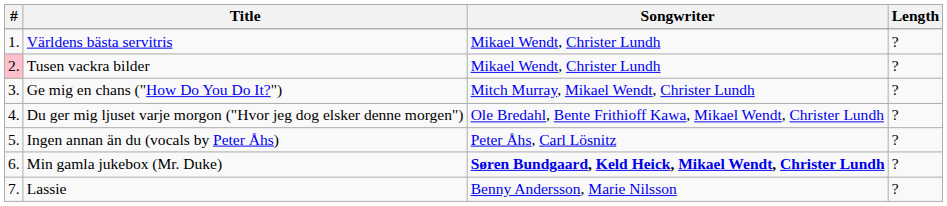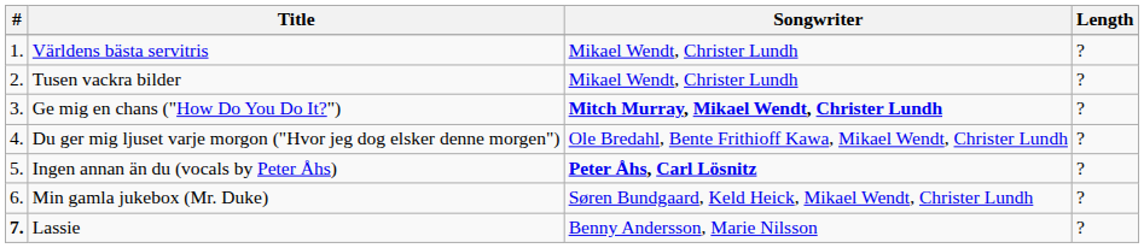 <table class="wikitable">
 <tr>
 <th>#</th>
 <th>Title</th>
 <th>Songwriter</th>
 <th>Length</th>
 </tr>
 <tr bgcolor="#ebf5ff">
 </tr>
 <tr>
 <td>1.</td>
 <td><a href='#'>Världens bästa servitris</a></td>
 <td><a href='#'>Mikael Wendt</a>, <a href='#'>Christer Lundh</a></td>
 <td>?</td>
 </tr>
 <tr>
-<td style="background: pink;">2.</td>
+<td>2.</td>
 <td>Tusen vackra bilder</td>
 <td><a href='#'>Mikael Wendt</a>, <a href='#'>Christer Lundh</a></td>
 <td>?</td>
 </tr>
 <tr>
 <td>3.</td>
 <td>Ge mig en chans ("<a href='#'>How Do You Do It?</a>")</td>
-<td><a href='#'>Mitch Murray</a>, <a href='#'>Mikael Wendt</a>, <a href='#'>Christer Lundh</a></td>
+<td><strong><a href='#'>Mitch Murray</a>, <a href='#'>Mikael Wendt</a>, <a href='#'>Christer Lundh</a></strong></td>
 <td>?</td>
 </tr>
 <tr>
 <td>4.</td>
 <td>Du ger mig ljuset varje morgon ("Hvor jeg dog elsker denne morgen")</td>
 <td><a href='#'>Ole Bredahl</a>, <a href='#'>Bente Frithioff Kawa</a>, <a href='#'>Mikael Wendt</a>, <a href='#'>Christer Lundh</a></td>
 <td>?</td>
 </tr>
 <tr>
 <td>5.</td>
 <td>Ingen annan än du (vocals by <a href='#'>Peter Åhs</a>)</td>
-<td><a href='#'>Peter Åhs</a>, <a href='#'>Carl Lösnitz</a></td>
+<td><strong><a href='#'>Peter Åhs</a>, <a href='#'>Carl Lösnitz</a></strong></td>
 <td>?</td>
 </tr>
 <tr>
 <td>6.</td>
 <td>Min gamla jukebox (Mr. Duke)</td>
-<td><strong><a href='#'>Søren Bundgaard</a>, <a href='#'>Keld Heick</a>, <a href='#'>Mikael Wendt</a>, <a href='#'>Christer Lundh</a></strong></td>
+<td><a href='#'>Søren Bundgaard</a>, <a href='#'>Keld Heick</a>, <a href='#'>Mikael Wendt</a>, <a href='#'>Christer Lundh</a></td>
 <td>?</td>
 </tr>
 <tr>
-<td>7.</td>
+<td><strong>7.</strong></td>
 <td>Lassie</td>
 <td><a href='#'>Benny Andersson</a>, <a href='#'>Marie Nilsson</a></td>
 <td>?</td>
 </tr>
 </table>
